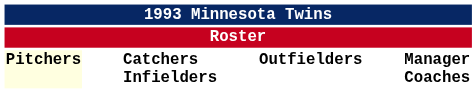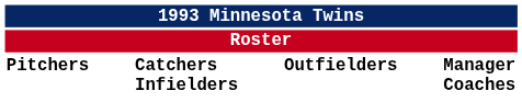 <table class="toccolours" style="font-size: 95%;">
 <tr>
 <th colspan="10" style="background-color: #072764; color: #FFFFFF; text-align: center;">1993 Minnesota Twins</th>
 </tr>
 <tr>
 <td colspan="10" style="background-color: #c6011f; color: white; text-align: center;"><strong>Roster</strong></td>
 </tr>
 <tr>
-<td valign="top" style="background: lightyellow;"><strong>Pitchers</strong><br>               </td>
+<td valign="top"><strong>Pitchers</strong><br>               </td>
 <td width="25px"></td>
 <td valign="top"><strong>Catchers</strong><br>   <strong>Infielders</strong>            </td>
 <td width="25px"></td>
 <td valign="top"><strong>Outfielders</strong><br>         </td>
 <td width="25px"></td>
 <td valign="top"><strong>Manager</strong><br> <strong>Coaches</strong>     </td>
 </tr>
 <tr>
 </tr>
 </table>
